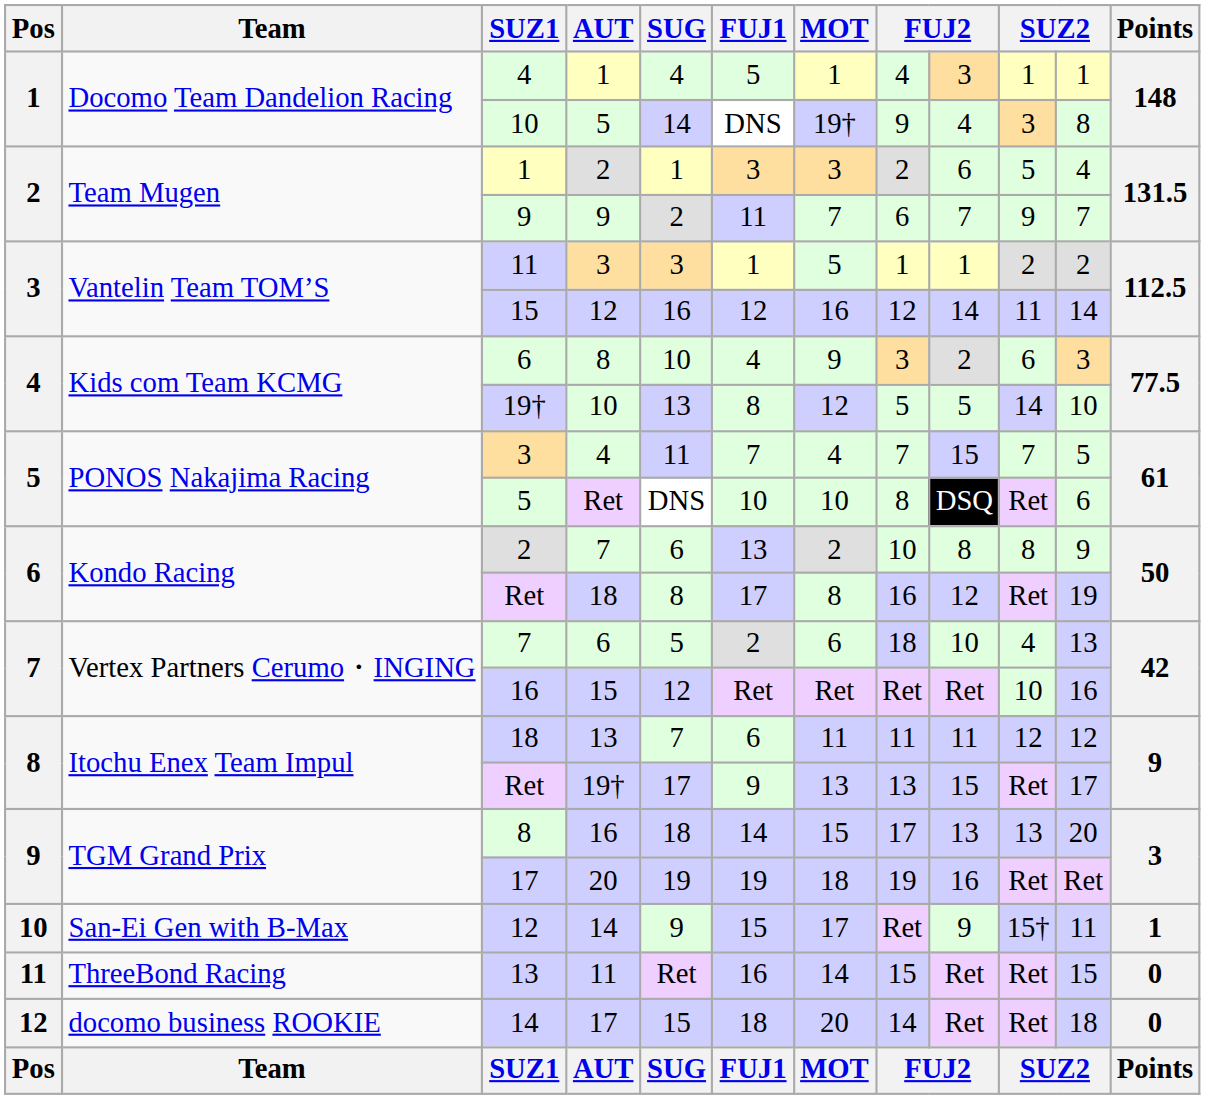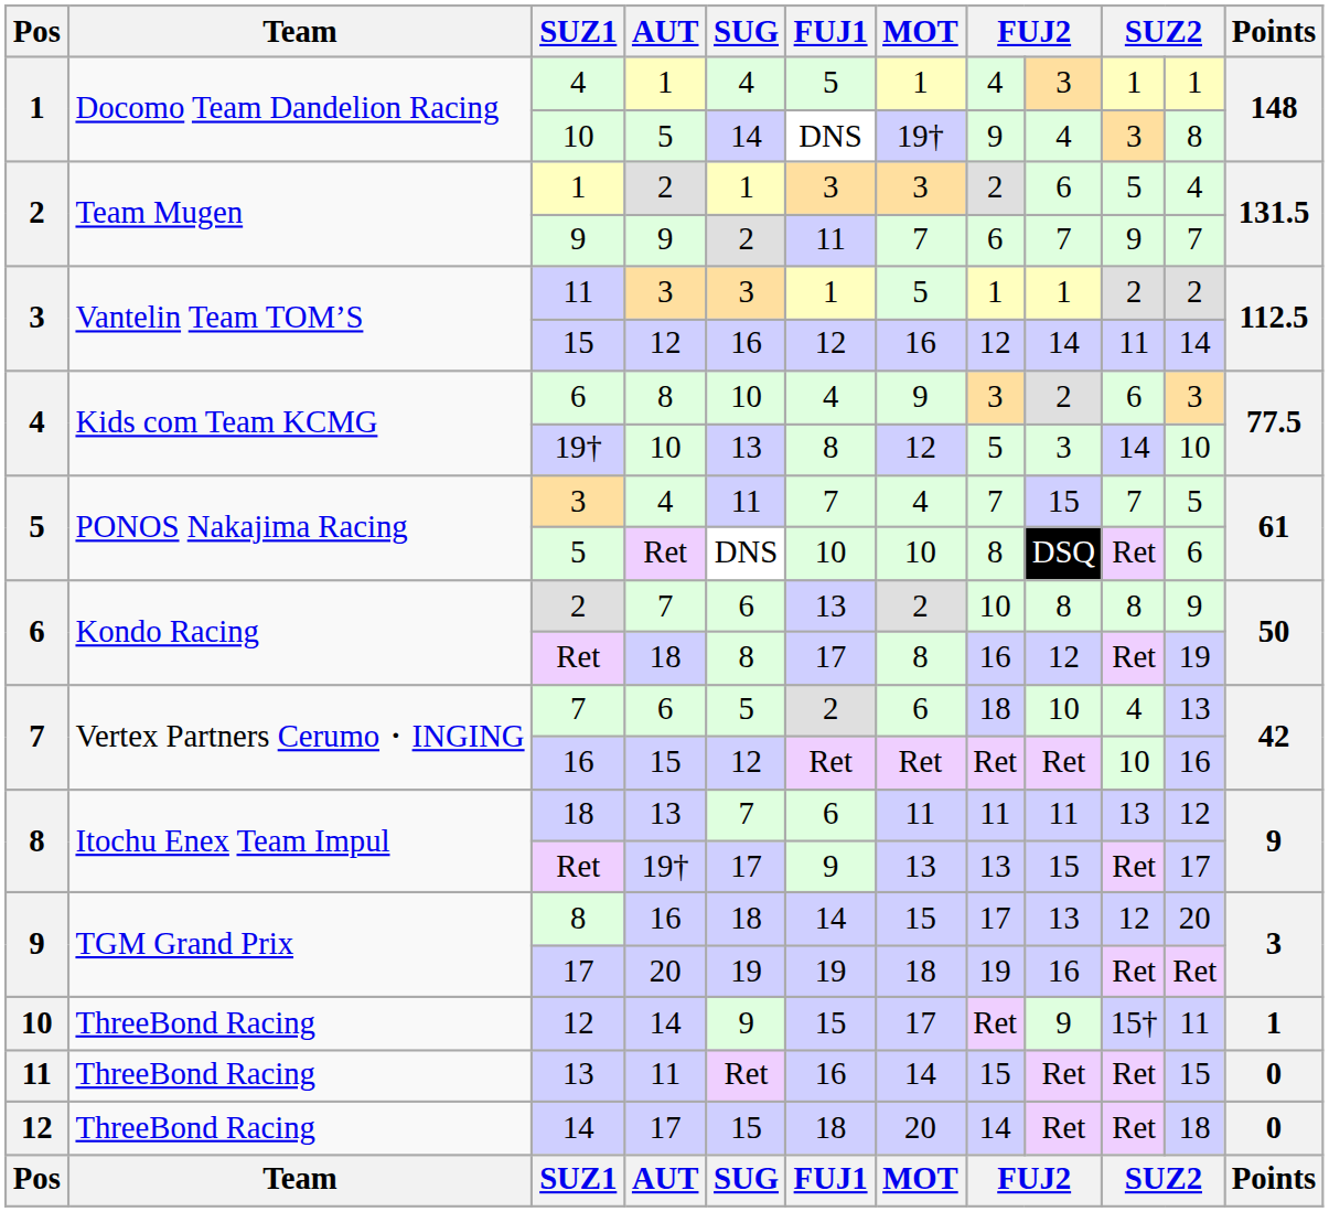 <table class="wikitable" style="font-size:85%; text-align:center">
 <tr>
 <th valign="middle">Pos</th>
 <th valign="middle">Team</th>
 <th><a href='#'>SUZ1</a></th>
 <th><a href='#'>AUT</a></th>
 <th><a href='#'>SUG</a></th>
 <th><a href='#'>FUJ1</a></th>
 <th><a href='#'>MOT</a></th>
 <th colspan="2"><a href='#'>FUJ2</a></th>
 <th colspan="2"><a href='#'>SUZ2</a></th>
 <th valign="middle">Points</th>
 </tr>
 <tr>
 <th rowspan="2">1</th>
 <td rowspan="2"  align=left> <a href='#'>Docomo</a> <a href='#'>Team Dandelion Racing</a></td>
 <td style="background:#DFFFDF;">4</td>
 <td style="background:#FFFFBF;">1</td>
 <td style="background:#DFFFDF;">4</td>
 <td style="background:#DFFFDF;">5</td>
 <td style="background:#FFFFBF;">1</td>
 <td style="background:#DFFFDF;">4</td>
 <td style="background:#FFDF9F;">3</td>
 <td style="background:#FFFFBF;">1</td>
 <td style="background:#FFFFBF;">1</td>
 <th rowspan="2">148</th>
 </tr>
 <tr>
 <td style="background:#DFFFDF;">10</td>
 <td style="background:#DFFFDF;">5</td>
 <td style="background:#CFCFFF;">14</td>
 <td style="background:#FFFFFF;">DNS</td>
 <td style="background:#CFCFFF;">19†</td>
 <td style="background:#DFFFDF;">9</td>
 <td style="background:#DFFFDF;">4</td>
 <td style="background:#FFDF9F;">3</td>
 <td style="background:#DFFFDF;">8</td>
 </tr>
 <tr>
 <th rowspan="2">2</th>
 <td rowspan="2"  align=left> <a href='#'>Team Mugen</a></td>
 <td style="background:#FFFFBF;">1</td>
 <td style="background:#DFDFDF;">2</td>
 <td style="background:#FFFFBF;">1</td>
 <td style="background:#FFDF9F;">3</td>
 <td style="background:#FFDF9F;">3</td>
 <td style="background:#DFDFDF;">2</td>
 <td style="background:#DFFFDF;">6</td>
 <td style="background:#DFFFDF;">5</td>
 <td style="background:#DFFFDF;">4</td>
 <th rowspan="2">131.5</th>
 </tr>
 <tr>
 <td style="background:#DFFFDF;">9</td>
 <td style="background:#DFFFDF;">9</td>
 <td style="background:#DFDFDF;">2</td>
 <td style="background:#CFCFFF;">11</td>
 <td style="background:#DFFFDF;">7</td>
 <td style="background:#DFFFDF;">6</td>
 <td style="background:#DFFFDF;">7</td>
 <td style="background:#DFFFDF;">9</td>
 <td style="background:#DFFFDF;">7</td>
 </tr>
 <tr>
 <th rowspan="2">3</th>
 <td rowspan="2"  align=left> <a href='#'>Vantelin</a> <a href='#'>Team TOM’S</a></td>
 <td style="background:#CFCFFF;">11</td>
 <td style="background:#FFDF9F;">3</td>
 <td style="background:#FFDF9F;">3</td>
 <td style="background:#FFFFBF;">1</td>
 <td style="background:#DFFFDF;">5</td>
 <td style="background:#FFFFBF;">1</td>
 <td style="background:#FFFFBF;">1</td>
 <td style="background:#DFDFDF;">2</td>
 <td style="background:#DFDFDF;">2</td>
 <th rowspan="2">112.5</th>
 </tr>
 <tr>
 <td style="background:#CFCFFF;">15</td>
 <td style="background:#CFCFFF;">12</td>
 <td style="background:#CFCFFF;">16</td>
 <td style="background:#CFCFFF;">12</td>
 <td style="background:#CFCFFF;">16</td>
 <td style="background:#CFCFFF;">12</td>
 <td style="background:#CFCFFF;">14</td>
 <td style="background:#CFCFFF;">11</td>
 <td style="background:#CFCFFF;">14</td>
 </tr>
 <tr>
 <th rowspan="2">4</th>
 <td rowspan="2"  align=left> <a href='#'>Kids com Team KCMG</a></td>
 <td style="background:#DFFFDF;">6</td>
 <td style="background:#DFFFDF;">8</td>
 <td style="background:#DFFFDF;">10</td>
 <td style="background:#DFFFDF;">4</td>
 <td style="background:#DFFFDF;">9</td>
 <td style="background:#FFDF9F;">3</td>
 <td style="background:#DFDFDF;">2</td>
 <td style="background:#DFFFDF;">6</td>
 <td style="background:#FFDF9F;">3</td>
 <th rowspan="2">77.5</th>
 </tr>
 <tr>
 <td style="background:#CFCFFF;">19†</td>
 <td style="background:#DFFFDF;">10</td>
 <td style="background:#CFCFFF;">13</td>
 <td style="background:#DFFFDF;">8</td>
 <td style="background:#CFCFFF;">12</td>
 <td style="background:#DFFFDF;">5</td>
-<td style="background:#DFFFDF;">5</td>
+<td style="background:#DFFFDF;">3</td>
 <td style="background:#CFCFFF;">14</td>
 <td style="background:#DFFFDF;">10</td>
 </tr>
 <tr>
 <th rowspan="2">5</th>
 <td rowspan="2"  align=left> <a href='#'>PONOS</a> <a href='#'>Nakajima Racing</a></td>
 <td style="background:#FFDF9F;">3</td>
 <td style="background:#DFFFDF;">4</td>
 <td style="background:#CFCFFF;">11</td>
 <td style="background:#DFFFDF;">7</td>
 <td style="background:#DFFFDF;">4</td>
 <td style="background:#DFFFDF;">7</td>
 <td style="background:#CFCFFF;">15</td>
 <td style="background:#DFFFDF;">7</td>
 <td style="background:#DFFFDF;">5</td>
 <th rowspan="2">61</th>
 </tr>
 <tr>
 <td style="background:#DFFFDF;">5</td>
 <td style="background:#EFCFFF;">Ret</td>
 <td style="background:#FFFFFF;">DNS</td>
 <td style="background:#DFFFDF;">10</td>
 <td style="background:#DFFFDF;">10</td>
 <td style="background:#DFFFDF;">8</td>
 <td style="background:#000000;color:white">DSQ</td>
 <td style="background:#EFCFFF;">Ret</td>
 <td style="background:#DFFFDF;">6</td>
 </tr>
 <tr>
 <th rowspan="2">6</th>
 <td rowspan="2"  align=left> <a href='#'>Kondo Racing</a></td>
 <td style="background:#DFDFDF;">2</td>
 <td style="background:#DFFFDF;">7</td>
 <td style="background:#DFFFDF;">6</td>
 <td style="background:#CFCFFF;">13</td>
 <td style="background:#DFDFDF;">2</td>
 <td style="background:#DFFFDF;">10</td>
 <td style="background:#DFFFDF;">8</td>
 <td style="background:#DFFFDF;">8</td>
 <td style="background:#DFFFDF;">9</td>
 <th rowspan="2">50</th>
 </tr>
 <tr>
 <td style="background:#EFCFFF;">Ret</td>
 <td style="background:#CFCFFF;">18</td>
 <td style="background:#DFFFDF;">8</td>
 <td style="background:#CFCFFF;">17</td>
 <td style="background:#DFFFDF;">8</td>
 <td style="background:#CFCFFF;">16</td>
 <td style="background:#CFCFFF;">12</td>
 <td style="background:#EFCFFF;">Ret</td>
 <td style="background:#CFCFFF;">19</td>
 </tr>
 <tr>
 <th rowspan="2">7</th>
 <td rowspan="2"  align=left> Vertex Partners <a href='#'>Cerumo</a>・<a href='#'>INGING</a></td>
 <td style="background:#DFFFDF;">7</td>
 <td style="background:#DFFFDF;">6</td>
 <td style="background:#DFFFDF;">5</td>
 <td style="background:#DFDFDF;">2</td>
 <td style="background:#DFFFDF;">6</td>
 <td style="background:#CFCFFF;">18</td>
 <td style="background:#DFFFDF;">10</td>
 <td style="background:#DFFFDF;">4</td>
 <td style="background:#CFCFFF;">13</td>
 <th rowspan="2">42</th>
 </tr>
 <tr>
 <td style="background:#CFCFFF;">16</td>
 <td style="background:#CFCFFF;">15</td>
 <td style="background:#CFCFFF;">12</td>
 <td style="background:#EFCFFF;">Ret</td>
 <td style="background:#EFCFFF;">Ret</td>
 <td style="background:#EFCFFF;">Ret</td>
 <td style="background:#EFCFFF;">Ret</td>
 <td style="background:#DFFFDF;">10</td>
 <td style="background:#CFCFFF;">16</td>
 </tr>
 <tr>
 <th rowspan="2">8</th>
 <td rowspan="2"  align=left> <a href='#'>Itochu Enex</a> <a href='#'>Team Impul</a></td>
 <td style="background:#CFCFFF;">18</td>
 <td style="background:#CFCFFF;">13</td>
 <td style="background:#DFFFDF;">7</td>
 <td style="background:#DFFFDF;">6</td>
 <td style="background:#CFCFFF;">11</td>
 <td style="background:#CFCFFF;">11</td>
 <td style="background:#CFCFFF;">11</td>
-<td style="background:#CFCFFF;">12</td>
+<td style="background:#CFCFFF;">13</td>
 <td style="background:#CFCFFF;">12</td>
 <th rowspan="2">9</th>
 </tr>
 <tr>
 <td style="background:#EFCFFF;">Ret</td>
 <td style="background:#CFCFFF;">19†</td>
 <td style="background:#CFCFFF;">17</td>
 <td style="background:#DFFFDF;">9</td>
 <td style="background:#CFCFFF;">13</td>
 <td style="background:#CFCFFF;">13</td>
 <td style="background:#CFCFFF;">15</td>
 <td style="background:#EFCFFF;">Ret</td>
 <td style="background:#CFCFFF;">17</td>
 </tr>
 <tr>
 <th rowspan="2">9</th>
 <td rowspan="2" align=left> <a href='#'>TGM Grand Prix</a></td>
 <td style="background:#DFFFDF;">8</td>
 <td style="background:#CFCFFF;">16</td>
 <td style="background:#CFCFFF;">18</td>
 <td style="background:#CFCFFF;">14</td>
 <td style="background:#CFCFFF;">15</td>
 <td style="background:#CFCFFF;">17</td>
 <td style="background:#CFCFFF;">13</td>
-<td style="background:#CFCFFF;">13</td>
+<td style="background:#CFCFFF;">12</td>
 <td style="background:#CFCFFF;">20</td>
 <th rowspan="2">3</th>
 </tr>
 <tr>
 <td style="background:#CFCFFF;">17</td>
 <td style="background:#CFCFFF;">20</td>
 <td style="background:#CFCFFF;">19</td>
 <td style="background:#CFCFFF;">19</td>
 <td style="background:#CFCFFF;">18</td>
 <td style="background:#CFCFFF;">19</td>
 <td style="background:#CFCFFF;">16</td>
 <td style="background:#EFCFFF;">Ret</td>
 <td style="background:#EFCFFF;">Ret</td>
 </tr>
 <tr>
 <th>10</th>
-<td align=left> <a href='#'>San-Ei Gen with B-Max</a></td>
+<td align=left> <a href='#'>ThreeBond Racing</a></td>
 <td style="background:#CFCFFF;">12</td>
 <td style="background:#CFCFFF;">14</td>
 <td style="background:#DFFFDF;">9</td>
 <td style="background:#CFCFFF;">15</td>
 <td style="background:#CFCFFF;">17</td>
 <td style="background:#EFCFFF;">Ret</td>
 <td style="background:#DFFFDF;">9</td>
 <td style="background:#CFCFFF;">15†</td>
 <td style="background:#CFCFFF;">11</td>
 <th>1</th>
 </tr>
 <tr>
 <th>11</th>
 <td align=left> <a href='#'>ThreeBond Racing</a></td>
 <td style="background:#CFCFFF;">13</td>
 <td style="background:#CFCFFF;">11</td>
 <td style="background:#EFCFFF;">Ret</td>
 <td style="background:#CFCFFF;">16</td>
 <td style="background:#CFCFFF;">14</td>
 <td style="background:#CFCFFF;">15</td>
 <td style="background:#EFCFFF;">Ret</td>
 <td style="background:#EFCFFF;">Ret</td>
 <td style="background:#CFCFFF;">15</td>
 <th>0</th>
 </tr>
 <tr>
 <th>12</th>
-<td align=left> <a href='#'>docomo business</a> <a href='#'>ROOKIE</a></td>
+<td align=left> <a href='#'>ThreeBond Racing</a></td>
 <td style="background:#CFCFFF;">14</td>
 <td style="background:#CFCFFF;">17</td>
 <td style="background:#CFCFFF;">15</td>
 <td style="background:#CFCFFF;">18</td>
 <td style="background:#CFCFFF;">20</td>
 <td style="background:#CFCFFF;">14</td>
 <td style="background:#EFCFFF;">Ret</td>
 <td style="background:#EFCFFF;">Ret</td>
 <td style="background:#CFCFFF;">18</td>
 <th>0</th>
 </tr>
 <tr>
 <th>Pos</th>
 <th>Team</th>
 <th><a href='#'>SUZ1</a></th>
 <th><a href='#'>AUT</a></th>
 <th><a href='#'>SUG</a></th>
 <th><a href='#'>FUJ1</a></th>
 <th><a href='#'>MOT</a></th>
 <th colspan="2"><a href='#'>FUJ2</a></th>
 <th colspan="2"><a href='#'>SUZ2</a></th>
 <th>Points</th>
 </tr>
 </table>
